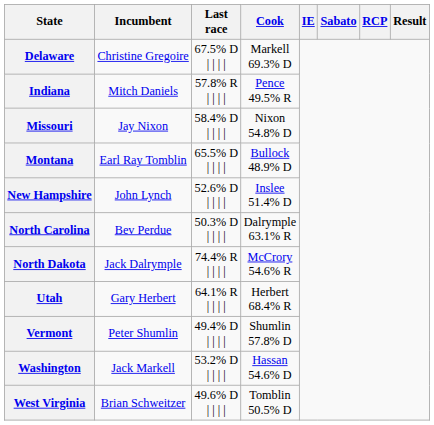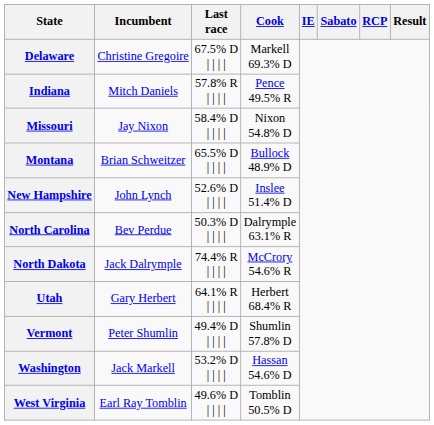 <table class="wikitable sortable" style="text-align:center; font-size:90%;">
 <tr>
 <th>State</th>
 <th>Incumbent</th>
 <th>Last<br>race</th>
 <th><a href='#'>Cook</a><br></th>
 <th><a href='#'>IE</a><br></th>
 <th><a href='#'>Sabato</a><br></th>
 <th><a href='#'>RCP</a><br></th>
 <th>Result</th>
 </tr>
 <tr>
 <th><a href='#'>Delaware</a></th>
 <td><a href='#'>Christine Gregoire</a><br></td>
 <td>67.5% D<br>| | | |</td>
 <td>Markell<br>69.3% D</td>
 </tr>
 <tr>
 <th><a href='#'>Indiana</a></th>
 <td><a href='#'>Mitch Daniels</a><br></td>
 <td>57.8% R<br>| | | |</td>
 <td><a href='#'>Pence</a><br>49.5% R</td>
 </tr>
 <tr>
 <th><a href='#'>Missouri</a></th>
 <td><a href='#'>Jay Nixon</a></td>
 <td>58.4% D<br>| | | |</td>
 <td>Nixon<br>54.8% D</td>
 </tr>
 <tr>
 <th><a href='#'>Montana</a></th>
-<td><a href='#'>Earl Ray Tomblin</a></td>
+<td><a href='#'>Brian Schweitzer</a><br></td>
 <td>65.5% D<br>| | | |</td>
 <td><a href='#'>Bullock</a><br>48.9% D</td>
 </tr>
 <tr>
 <th><a href='#'>New Hampshire</a></th>
 <td><a href='#'>John Lynch</a><br></td>
 <td>52.6% D<br>| | | |</td>
 <td><a href='#'>Inslee</a><br>51.4% D</td>
 </tr>
 <tr>
 <th><a href='#'>North Carolina</a></th>
 <td><a href='#'>Bev Perdue</a><br></td>
 <td>50.3% D<br>| | | |</td>
 <td>Dalrymple<br>63.1% R</td>
 </tr>
 <tr>
 <th><a href='#'>North Dakota</a></th>
 <td><a href='#'>Jack Dalrymple</a></td>
 <td>74.4% R<br>| | | |</td>
 <td><a href='#'>McCrory</a><br>54.6% R </td>
 </tr>
 <tr>
 <th><a href='#'>Utah</a></th>
 <td><a href='#'>Gary Herbert</a></td>
 <td>64.1% R<br>| | | |</td>
 <td>Herbert<br>68.4% R</td>
 </tr>
 <tr>
 <th><a href='#'>Vermont</a></th>
 <td><a href='#'>Peter Shumlin</a></td>
 <td>49.4% D<br>| | | |</td>
 <td>Shumlin<br>57.8% D</td>
 </tr>
 <tr>
 <th><a href='#'>Washington</a></th>
 <td><a href='#'>Jack Markell</a></td>
 <td>53.2% D<br>| | | |</td>
 <td><a href='#'>Hassan</a><br>54.6% D</td>
 </tr>
 <tr>
 <th><a href='#'>West Virginia</a></th>
-<td><a href='#'>Brian Schweitzer</a><br></td>
+<td><a href='#'>Earl Ray Tomblin</a></td>
 <td>49.6% D<br>| | | |</td>
 <td>Tomblin<br>50.5% D</td>
 </tr>
 </table>
